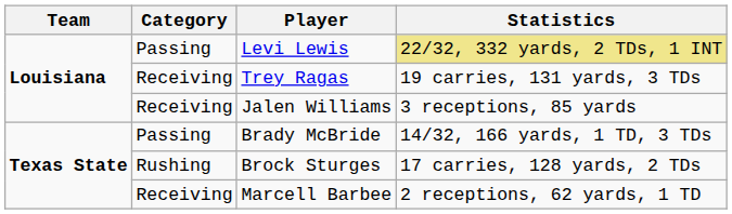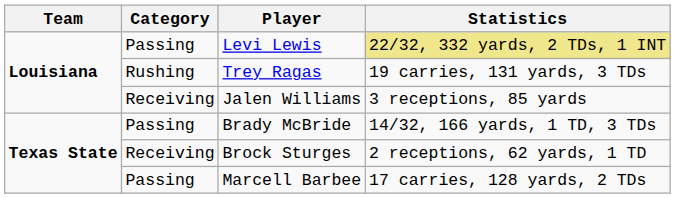 <table class="wikitable" style="float: left;">
 <tr>
 <th>Team</th>
 <th>Category</th>
 <th>Player</th>
 <th>Statistics</th>
 </tr>
 <tr>
 <td rowspan=3><strong>Louisiana</strong></td>
 <td>Passing</td>
 <td><a href='#'>Levi Lewis</a></td>
 <td style="background: khaki;">22/32, 332 yards, 2 TDs, 1 INT</td>
 </tr>
 <tr>
-<td>Receiving</td>
+<td>Rushing</td>
 <td><a href='#'>Trey Ragas</a></td>
 <td>19 carries, 131 yards, 3 TDs</td>
 </tr>
 <tr>
 <td>Receiving</td>
 <td>Jalen Williams</td>
 <td>3 receptions, 85 yards</td>
 </tr>
 <tr>
 <td rowspan=3><strong>Texas State</strong></td>
 <td>Passing</td>
 <td>Brady McBride</td>
 <td>14/32, 166 yards, 1 TD, 3 TDs</td>
 </tr>
 <tr>
-<td>Rushing</td>
+<td>Receiving</td>
 <td>Brock Sturges</td>
+<td>2 receptions, 62 yards, 1 TD</td>
+</tr>
+<tr>
+<td>Passing</td>
+<td>Marcell Barbee</td>
 <td>17 carries, 128 yards, 2 TDs</td>
 </tr>
-<tr>
-<td>Receiving</td>
-<td>Marcell Barbee</td>
-<td>2 receptions, 62 yards, 1 TD</td>
-</tr>
 </table>
